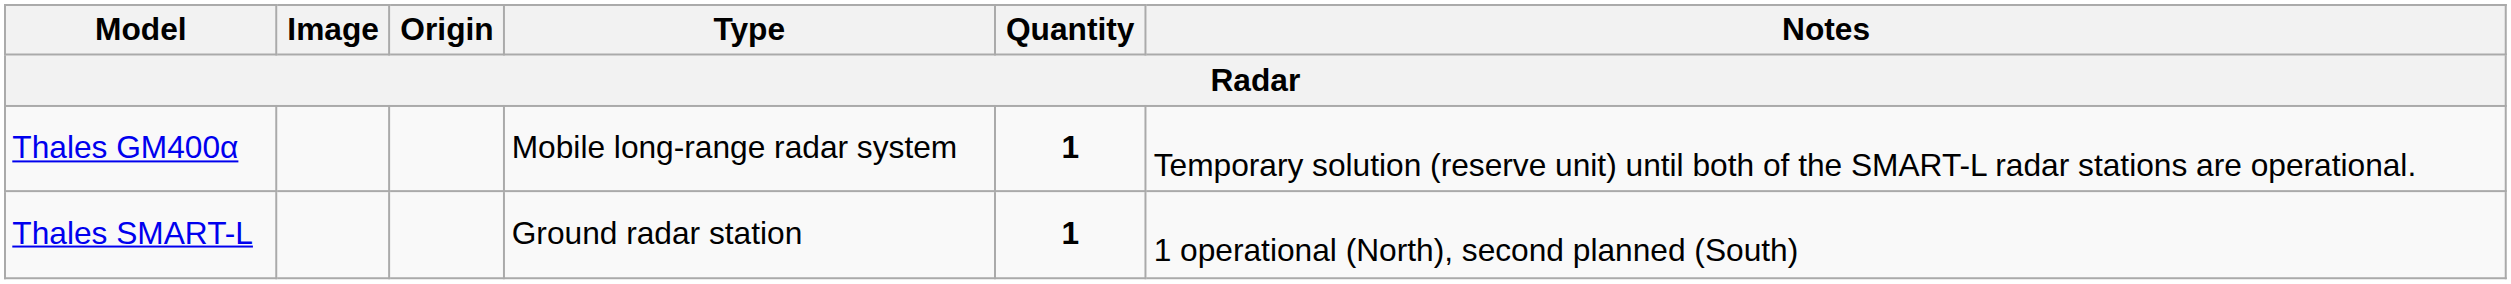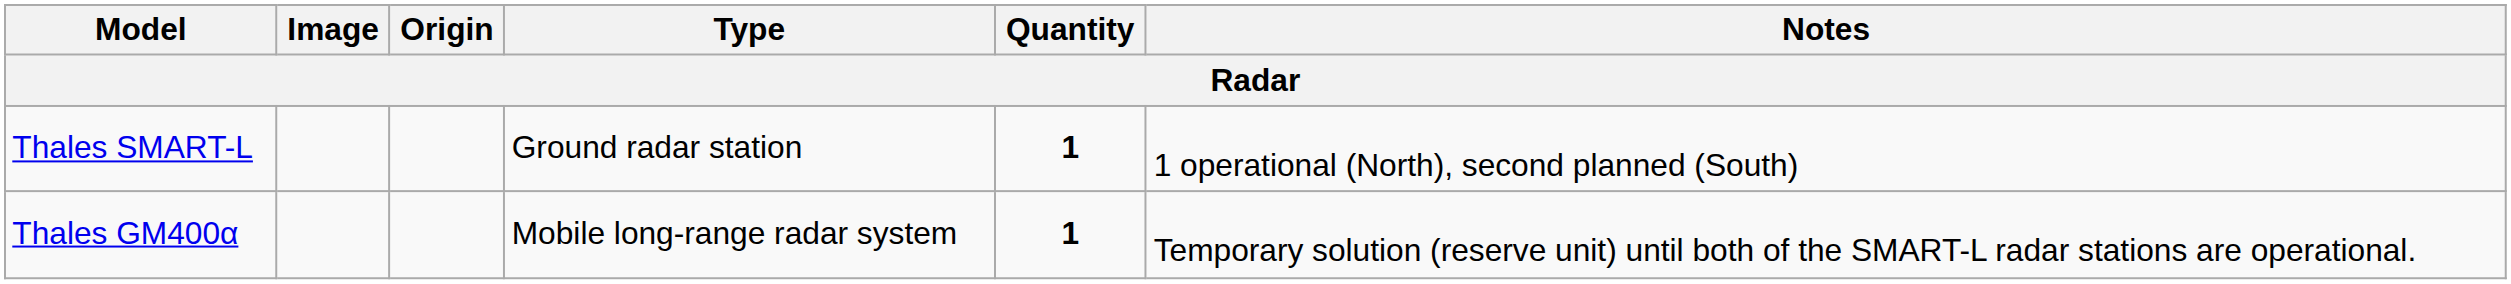 <table class="wikitable" style="width:100%;">
 <tr>
 <th>Model</th>
 <th>Image</th>
 <th>Origin</th>
 <th>Type</th>
 <th>Quantity</th>
 <th>Notes</th>
 </tr>
 <tr>
 <th colspan="6">Radar</th>
 </tr>
 <tr>
+<td><a href='#'>Thales SMART-L</a></td>
+<td style="text-align: center;"></td>
+<td><small></small></td>
+<td>Ground radar station</td>
+<td style="text-align: center;"><strong>1</strong></td>
+<td><br>1 operational (North), second planned (South)</td>
+</tr>
+<tr>
 <td><a href='#'>Thales GM400α</a></td>
 <td style="text-align: center;"></td>
 <td><small></small></td>
 <td>Mobile long-range radar system</td>
 <td style="text-align: center;"><strong>1</strong></td>
 <td><br>Temporary solution (reserve unit) until both of the SMART-L radar stations are operational.</td>
 </tr>
-<tr>
-<td><a href='#'>Thales SMART-L</a></td>
-<td style="text-align: center;"></td>
-<td><small></small></td>
-<td>Ground radar station</td>
-<td style="text-align: center;"><strong>1</strong></td>
-<td><br>1 operational (North), second planned (South)</td>
-</tr>
 </table>
